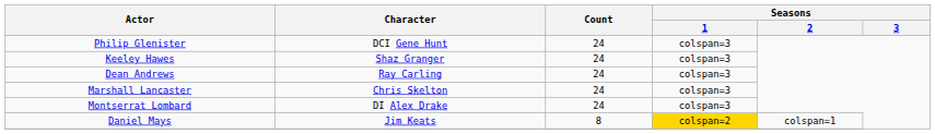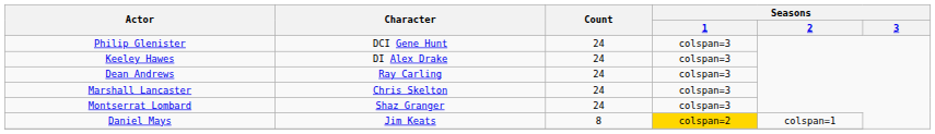 <table class="wikitable sortable" width="100%" style="text-align:center">
 <tr>
 <th scope="col" rowspan="2" style="width:8%;">Actor</th>
 <th scope="col" rowspan="2" style="width:8%;">Character</th>
 <th scope="col" rowspan="2" style="width:3%;">Count</th>
 <th scope="col" colspan="7" style="width:7%;">Seasons</th>
 </tr>
 <tr>
 <th style="width:2%;"><a href='#'>1</a></th>
 <th style="width:2%;"><a href='#'>2</a></th>
 <th style="width:2%;"><a href='#'>3</a></th>
 </tr>
 <tr>
 <td><a href='#'>Philip Glenister</a></td>
 <td>DCI <a href='#'>Gene Hunt</a></td>
 <td>24</td>
 <td>colspan=3 </td>
 </tr>
 <tr>
 <td><a href='#'>Keeley Hawes</a></td>
-<td><a href='#'>Shaz Granger</a></td>
+<td>DI <a href='#'>Alex Drake</a></td>
 <td>24</td>
 <td>colspan=3 </td>
 </tr>
 <tr>
 <td><a href='#'>Dean Andrews</a></td>
 <td><a href='#'>Ray Carling</a></td>
 <td>24</td>
 <td>colspan=3 </td>
 </tr>
 <tr>
 <td><a href='#'>Marshall Lancaster</a></td>
 <td><a href='#'>Chris Skelton</a></td>
 <td>24</td>
 <td>colspan=3 </td>
 </tr>
 <tr>
 <td><a href='#'>Montserrat Lombard</a></td>
-<td>DI <a href='#'>Alex Drake</a></td>
+<td><a href='#'>Shaz Granger</a></td>
 <td>24</td>
 <td>colspan=3 </td>
 </tr>
 <tr>
 <td><a href='#'>Daniel Mays</a></td>
 <td><a href='#'>Jim Keats</a></td>
 <td>8</td>
 <td style="background: gold;">colspan=2 </td>
 <td>colspan=1 </td>
 </tr>
 <tr>
 </tr>
 </table>
